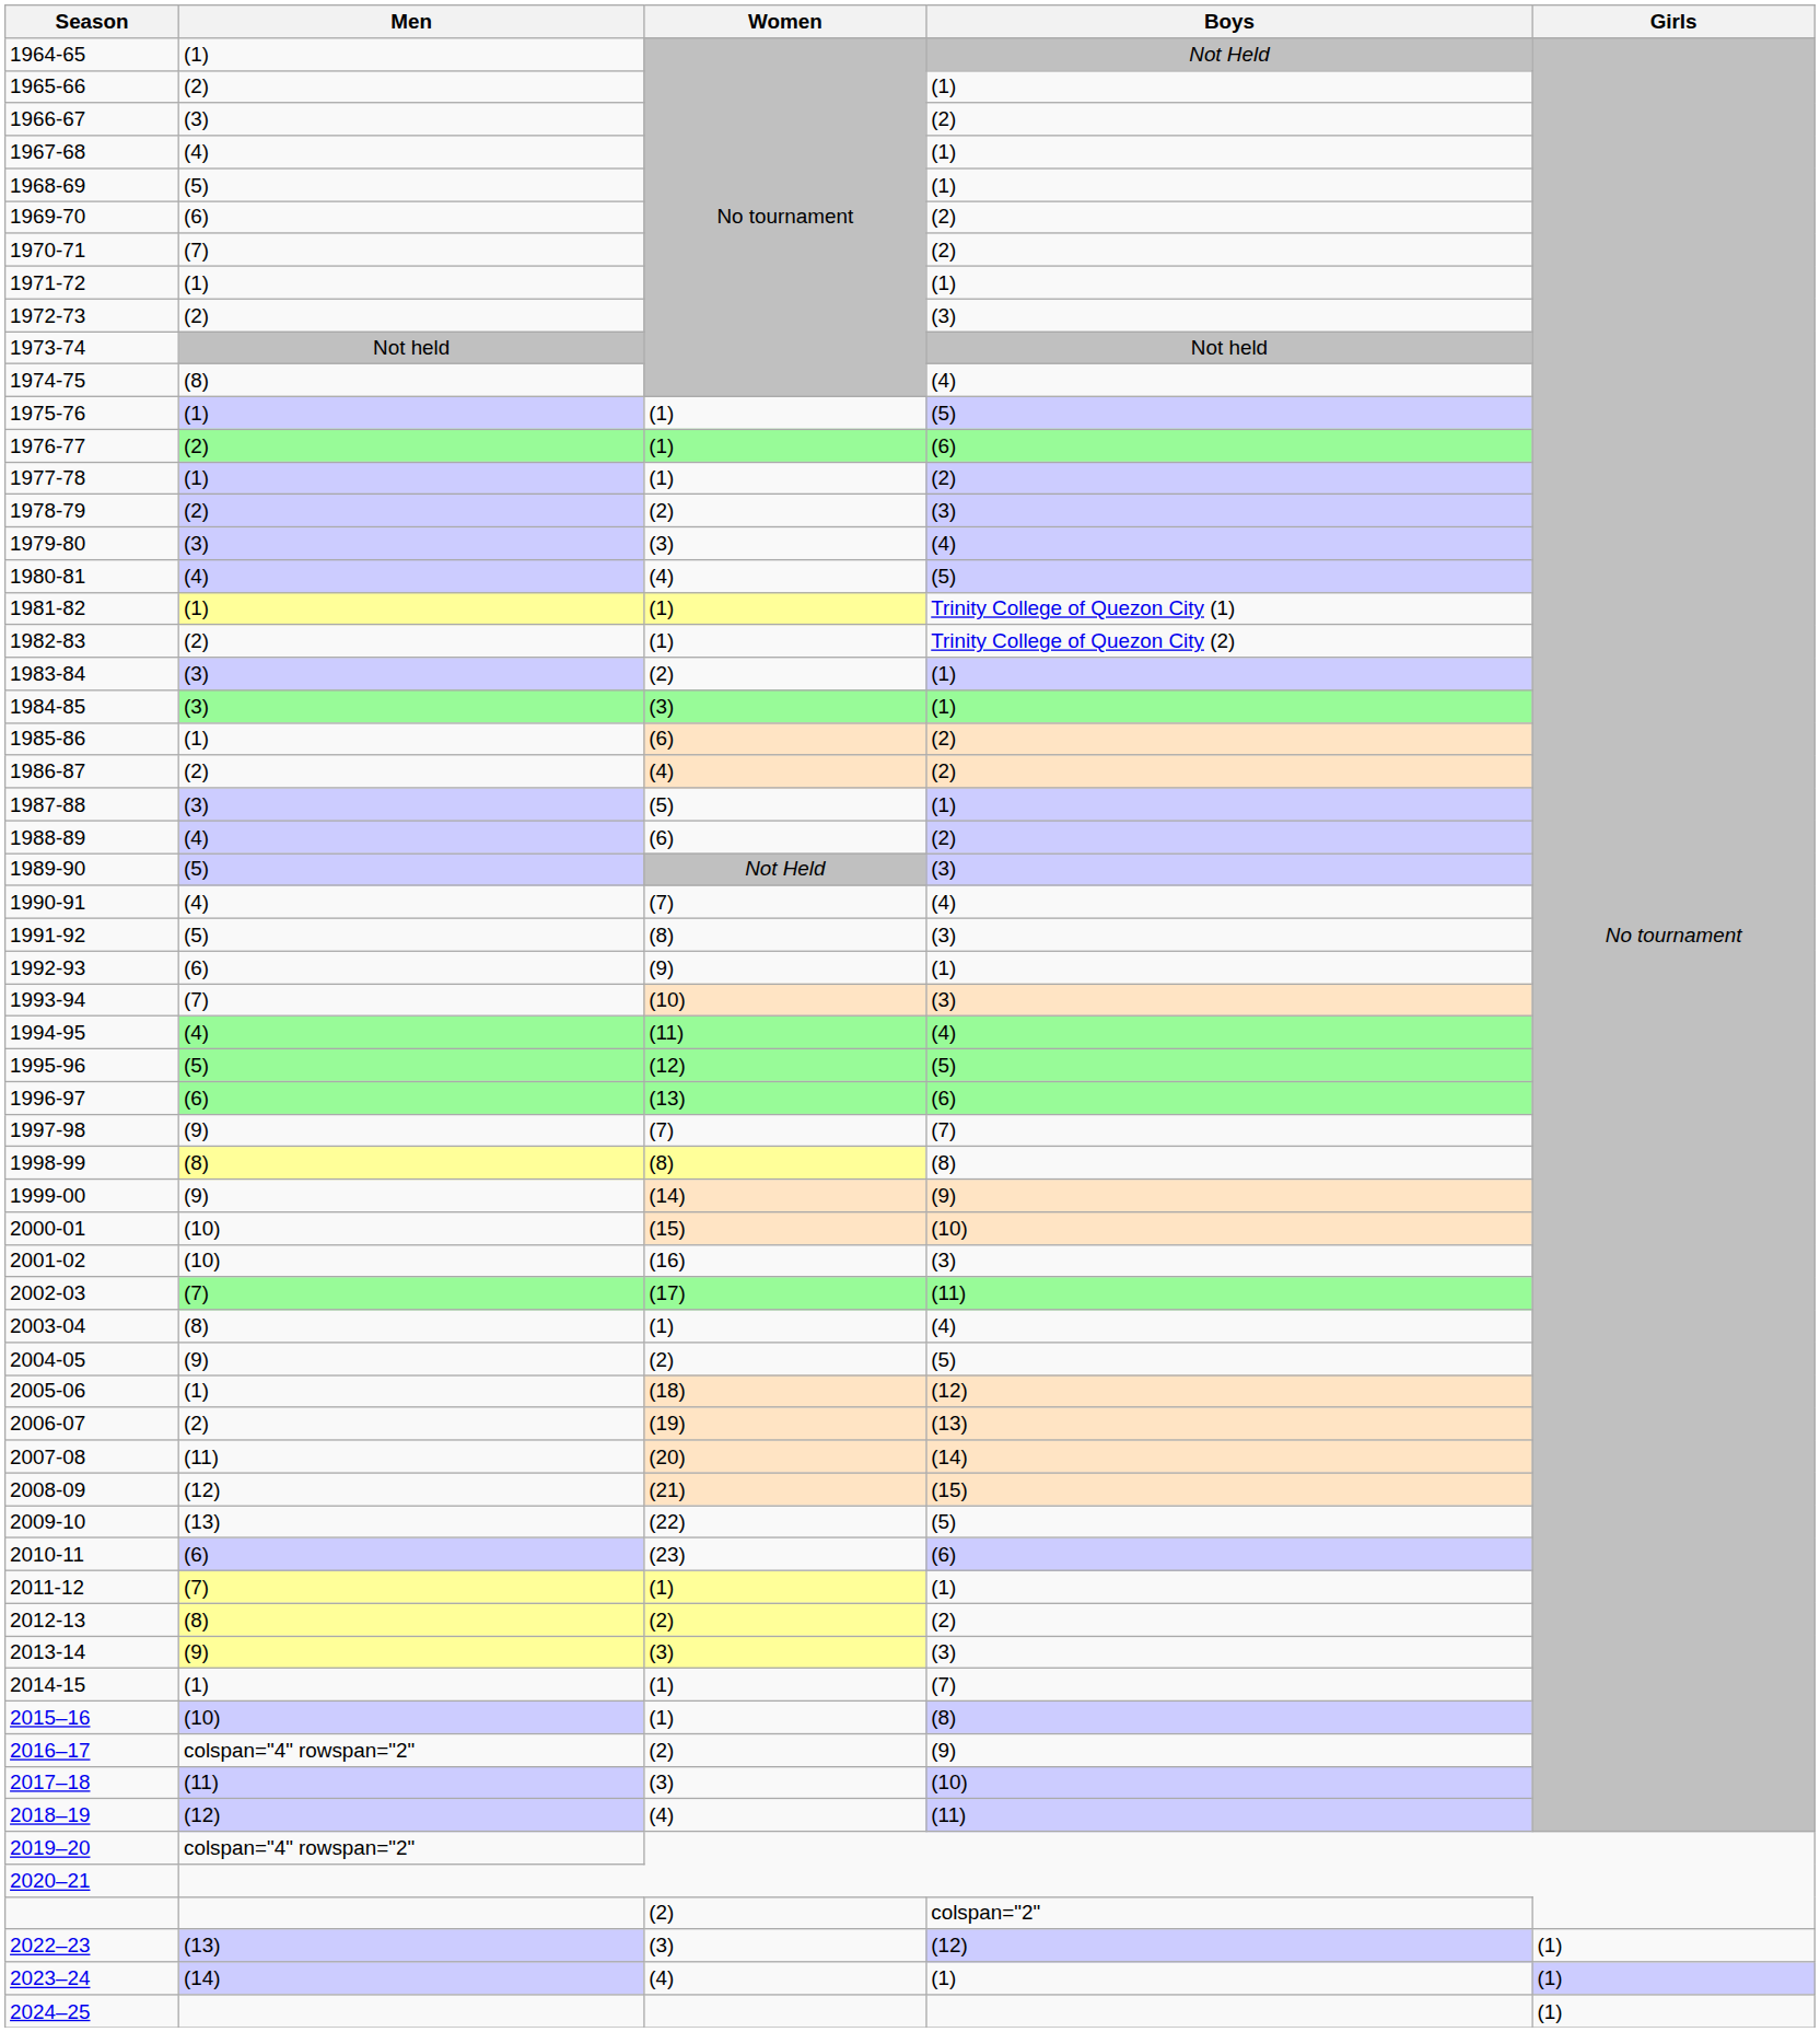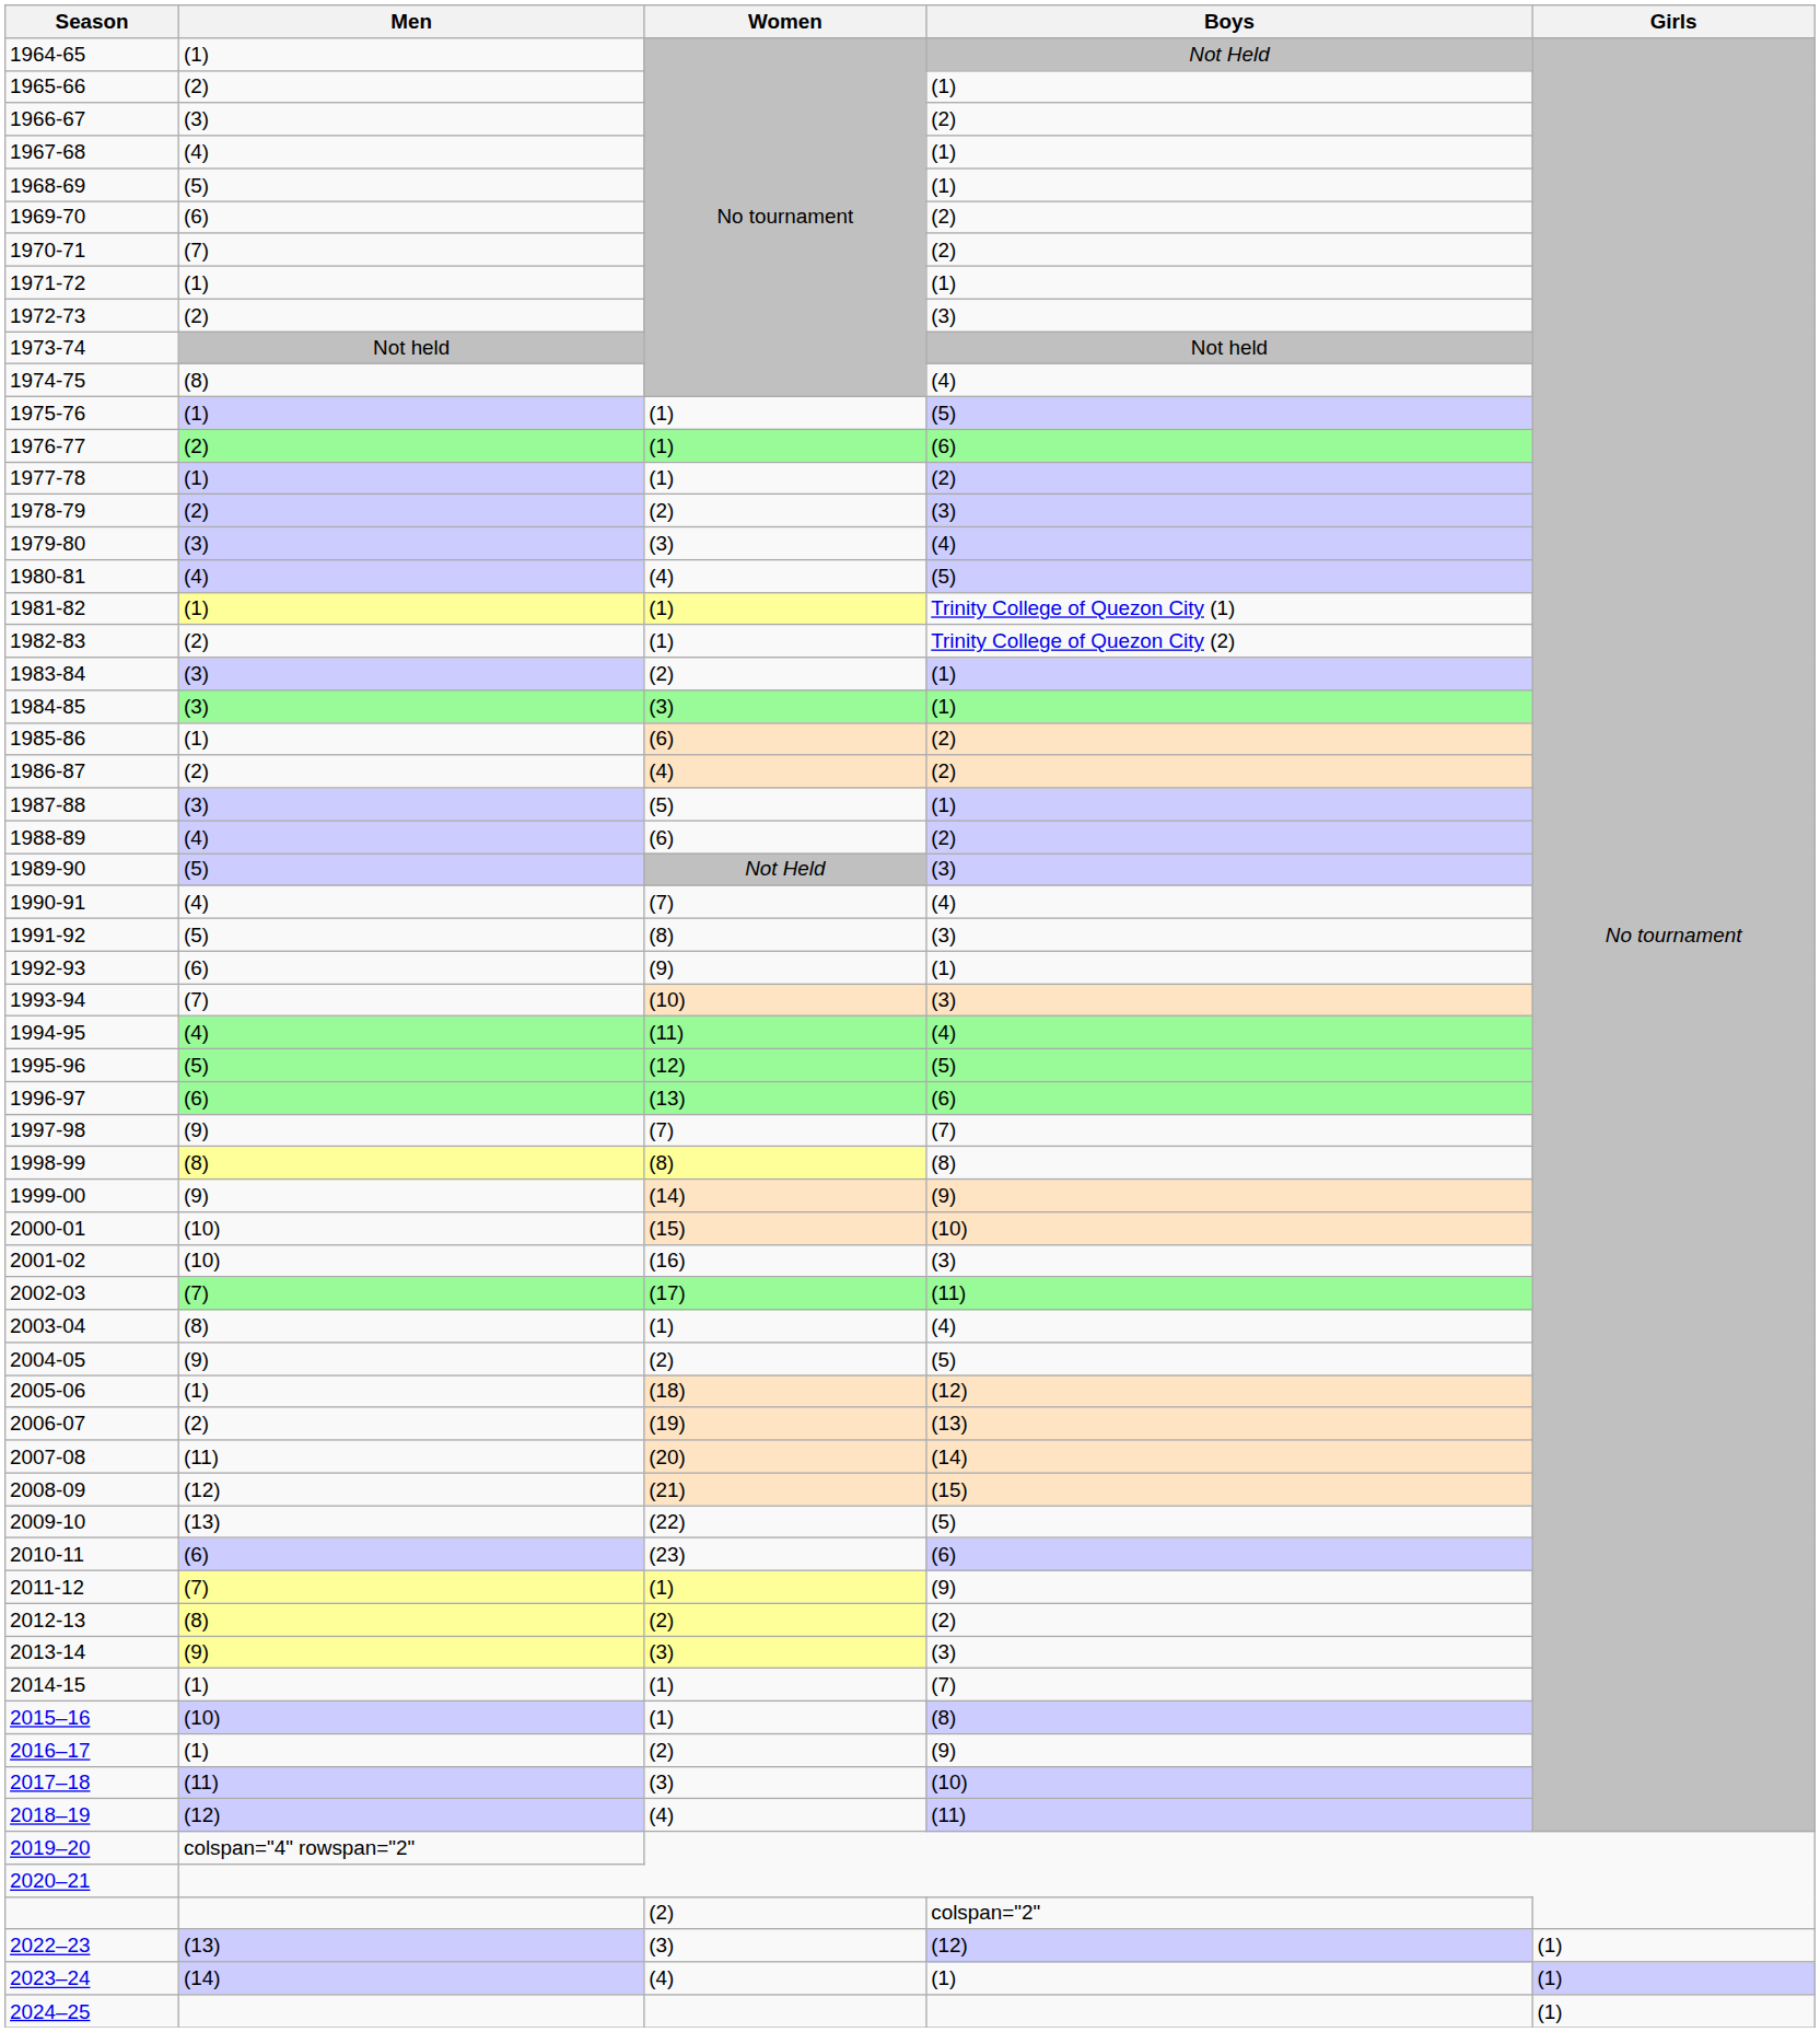 <table class="wikitable" width="100%" style="font-size:90%;">
 <tr bgcolor="#efefef">
 <th>Season</th>
 <th>Men</th>
 <th>Women</th>
 <th>Boys</th>
 <th>Girls</th>
 </tr>
 <tr>
 <td>1964-65</td>
 <td> (1)</td>
 <td rowspan="11" bgcolor=silver align=center>No tournament</td>
 <td bgcolor="silver" align="center"><em>Not Held</em></td>
 <td rowspan="55" bgcolor=silver align=center><em>No tournament</em></td>
 </tr>
 <tr>
 <td>1965-66</td>
 <td> (2)</td>
 <td>  (1)</td>
 </tr>
 <tr>
 <td>1966-67</td>
 <td> (3)</td>
 <td>  (2)</td>
 </tr>
 <tr>
 <td>1967-68</td>
 <td> (4)</td>
 <td> (1)</td>
 </tr>
 <tr>
 <td>1968-69</td>
 <td> (5)</td>
 <td> (1)</td>
 </tr>
 <tr>
 <td>1969-70</td>
 <td> (6)</td>
 <td> (2)</td>
 </tr>
 <tr>
 <td>1970-71</td>
 <td> (7)</td>
 <td> (2)</td>
 </tr>
 <tr>
 <td>1971-72</td>
 <td> (1)</td>
 <td> (1)</td>
 </tr>
 <tr>
 <td>1972-73</td>
 <td> (2)</td>
 <td> (3)</td>
 </tr>
 <tr>
 <td>1973-74</td>
 <td bgcolor=silver align=center>Not held</td>
 <td bgcolor="silver" align="center">Not held</td>
 </tr>
 <tr>
 <td>1974-75</td>
 <td> (8)</td>
 <td> (4)</td>
 </tr>
 <tr>
 <td>1975-76</td>
 <td bgcolor=#CCCCFF> (1)</td>
 <td> (1)</td>
 <td bgcolor=#CCCCFF> (5)</td>
 </tr>
 <tr>
 <td>1976-77</td>
 <td bgcolor=#98FB98> (2)</td>
 <td bgcolor=#98FB98> (1)</td>
 <td bgcolor=#98FB98> (6)</td>
 </tr>
 <tr>
 <td>1977-78</td>
 <td bgcolor=#CCCCFF> (1)</td>
 <td> (1)</td>
 <td bgcolor=#CCCCFF> (2)</td>
 </tr>
 <tr>
 <td>1978-79</td>
 <td bgcolor=#CCCCFF> (2)</td>
 <td> (2)</td>
 <td bgcolor=#CCCCFF> (3)</td>
 </tr>
 <tr>
 <td>1979-80</td>
 <td bgcolor=#CCCCFF> (3)</td>
 <td> (3)</td>
 <td bgcolor=#CCCCFF> (4)</td>
 </tr>
 <tr>
 <td>1980-81</td>
 <td bgcolor=#CCCCFF> (4)</td>
 <td> (4)</td>
 <td bgcolor=#CCCCFF> (5)</td>
 </tr>
 <tr>
 <td>1981-82</td>
 <td bgcolor=#FFFF99> (1)</td>
 <td bgcolor=#FFFF99> (1)</td>
 <td> <a href='#'>Trinity College of Quezon City</a> (1)</td>
 </tr>
 <tr>
 <td>1982-83</td>
 <td> (2)</td>
 <td> (1)</td>
 <td> <a href='#'>Trinity College of Quezon City</a> (2)</td>
 </tr>
 <tr>
 <td>1983-84</td>
 <td bgcolor=#CCCCFF> (3)</td>
 <td> (2)</td>
 <td bgcolor=#CCCCFF>  (1)</td>
 </tr>
 <tr>
 <td>1984-85</td>
 <td bgcolor="#98FB98"> (3)</td>
 <td bgcolor="#98FB98"> (3)</td>
 <td bgcolor="#98FB98"> (1)</td>
 </tr>
 <tr>
 <td>1985-86</td>
 <td> (1)</td>
 <td bgcolor=#FFE4C4> (6)</td>
 <td bgcolor=#FFE4C4> (2)</td>
 </tr>
 <tr>
 <td>1986-87</td>
 <td> (2)</td>
 <td bgcolor=#FFE4C4> (4)</td>
 <td bgcolor=#FFE4C4> (2)</td>
 </tr>
 <tr>
 <td>1987-88</td>
 <td bgcolor=#CCCCFF> (3)</td>
 <td> (5)</td>
 <td bgcolor=#CCCCFF> (1)</td>
 </tr>
 <tr>
 <td>1988-89</td>
 <td bgcolor=#CCCCFF> (4)</td>
 <td> (6)</td>
 <td bgcolor=#CCCCFF> (2)</td>
 </tr>
 <tr>
 <td>1989-90</td>
 <td bgcolor=#CCCCFF> (5)</td>
 <td bgcolor=silver align=center><em>Not Held</em></td>
 <td bgcolor=#CCCCFF> (3)</td>
 </tr>
 <tr>
 <td>1990-91</td>
 <td> (4)</td>
 <td> (7)</td>
 <td> (4)</td>
 </tr>
 <tr>
 <td>1991-92</td>
 <td> (5)</td>
 <td> (8)</td>
 <td> (3)</td>
 </tr>
 <tr>
 <td>1992-93</td>
 <td> (6)</td>
 <td> (9)</td>
 <td>  (1)</td>
 </tr>
 <tr>
 <td>1993-94</td>
 <td> (7)</td>
 <td bgcolor=#FFE4C4> (10)</td>
 <td bgcolor=#FFE4C4> (3)</td>
 </tr>
 <tr>
 <td>1994-95</td>
 <td bgcolor="#98FB98"> (4)</td>
 <td bgcolor="#98FB98"> (11)</td>
 <td bgcolor="#98FB98"> (4)</td>
 </tr>
 <tr>
 <td>1995-96</td>
 <td bgcolor="#98FB98"> (5)</td>
 <td bgcolor="#98FB98"> (12)</td>
 <td bgcolor="#98FB98"> (5)</td>
 </tr>
 <tr>
 <td>1996-97</td>
 <td bgcolor="#98FB98"> (6)</td>
 <td bgcolor="#98FB98"> (13)</td>
 <td bgcolor="#98FB98"> (6)</td>
 </tr>
 <tr>
 <td>1997-98</td>
 <td> (9)</td>
 <td> (7)</td>
 <td> (7)</td>
 </tr>
 <tr>
 <td>1998-99</td>
 <td bgcolor=#FFFF99> (8)</td>
 <td bgcolor=#FFFF99> (8)</td>
 <td> (8)</td>
 </tr>
 <tr>
 <td>1999-00</td>
 <td> (9)</td>
 <td bgcolor=#FFE4C4> (14)</td>
 <td bgcolor=#FFE4C4> (9)</td>
 </tr>
 <tr>
 <td>2000-01</td>
 <td> (10)</td>
 <td bgcolor=#FFE4C4> (15)</td>
 <td bgcolor=#FFE4C4> (10)</td>
 </tr>
 <tr>
 <td>2001-02</td>
 <td> (10)</td>
 <td> (16)</td>
 <td> (3)</td>
 </tr>
 <tr>
 <td>2002-03</td>
 <td bgcolor="#98FB98"> (7)</td>
 <td bgcolor="#98FB98"> (17)</td>
 <td bgcolor="#98FB98"> (11)</td>
 </tr>
 <tr>
 <td>2003-04</td>
 <td> (8)</td>
 <td> (1)</td>
 <td> (4)</td>
 </tr>
 <tr>
 <td>2004-05</td>
 <td> (9)</td>
 <td> (2)</td>
 <td> (5)</td>
 </tr>
 <tr>
 <td>2005-06</td>
 <td> (1)</td>
 <td bgcolor=#FFE4C4> (18)</td>
 <td bgcolor=#FFE4C4> (12)</td>
 </tr>
 <tr>
 <td>2006-07</td>
 <td> (2)</td>
 <td bgcolor=#FFE4C4> (19)</td>
 <td bgcolor=#FFE4C4> (13)</td>
 </tr>
 <tr>
 <td>2007-08</td>
 <td> (11)</td>
 <td bgcolor=#FFE4C4> (20)</td>
 <td bgcolor=#FFE4C4> (14)</td>
 </tr>
 <tr>
 <td>2008-09</td>
 <td> (12)</td>
 <td bgcolor=#FFE4C4> (21)</td>
 <td bgcolor=#FFE4C4> (15)</td>
 </tr>
 <tr>
 <td>2009-10</td>
 <td> (13)</td>
 <td> (22)</td>
 <td> (5)</td>
 </tr>
 <tr>
 <td>2010-11</td>
 <td bgcolor=#CCCCFF> (6)</td>
 <td> (23)</td>
 <td bgcolor=#CCCCFF> (6)</td>
 </tr>
 <tr>
 <td>2011-12</td>
 <td bgcolor=#FFFF99> (7)</td>
 <td bgcolor=#FFFF99> (1)</td>
-<td> (1)</td>
+<td> (9)</td>
 </tr>
 <tr>
 <td>2012-13</td>
 <td bgcolor=#FFFF99> (8)</td>
 <td bgcolor=#FFFF99> (2)</td>
 <td> (2)</td>
 </tr>
 <tr>
 <td>2013-14</td>
 <td bgcolor=#FFFF99> (9)</td>
 <td bgcolor=#FFFF99> (3)</td>
 <td> (3)</td>
 </tr>
 <tr>
 <td>2014-15</td>
 <td> (1)</td>
 <td> (1)</td>
 <td> (7)</td>
 </tr>
 <tr>
 <td><a href='#'>2015–16</a></td>
 <td bgcolor=#CCCCFF> (10)</td>
 <td> (1)</td>
 <td bgcolor=#CCCCFF> (8)</td>
 </tr>
 <tr>
 <td><a href='#'>2016–17</a></td>
-<td>colspan="4" rowspan="2" </td>
+<td> (1)</td>
 <td> (2)</td>
 <td> (9)</td>
 </tr>
 <tr>
 <td><a href='#'>2017–18</a></td>
 <td bgcolor=#CCCCFF> (11)</td>
 <td> (3)</td>
 <td bgcolor=#CCCCFF> (10)</td>
 </tr>
 <tr>
 <td><a href='#'>2018–19</a></td>
 <td bgcolor=#CCCCFF> (12)</td>
 <td> (4)</td>
 <td bgcolor=#CCCCFF> (11)</td>
 </tr>
 <tr>
 <td><a href='#'>2019–20</a></td>
 <td>colspan="4" rowspan="2" </td>
 </tr>
 <tr>
 <td><a href='#'>2020–21</a></td>
 </tr>
 <tr>
 <td><a href='#'></a></td>
 <td></td>
 <td> (2)</td>
 <td>colspan="2" </td>
 </tr>
 <tr>
 <td><a href='#'>2022–23</a></td>
 <td bgcolor=#CCCCFF> (13)</td>
 <td> (3)</td>
 <td bgcolor=#CCCCFF> (12)</td>
 <td> (1)</td>
 </tr>
 <tr>
 <td><a href='#'>2023–24</a></td>
 <td bgcolor=#CCCCFF> (14)</td>
 <td> (4)</td>
 <td> (1)</td>
 <td bgcolor=#CCCCFF> (1)</td>
 </tr>
 <tr>
 <td><a href='#'>2024–25</a></td>
 <td></td>
 <td></td>
 <td></td>
 <td> (1)</td>
 </tr>
 </table>
